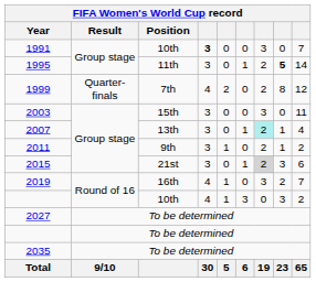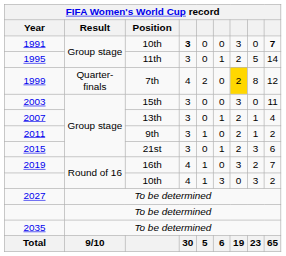 <table class="wikitable" style="text-align: center;">
 <tr>
 <th colspan=9><a href='#'>FIFA Women's World Cup</a> record</th>
 </tr>
 <tr>
 <th width="90">Year</th>
 <th width="90">Result</th>
 <th width="80">Position</th>
 <th width="20"></th>
 <th width="20"></th>
 <th width="20"></th>
 <th width="20"></th>
 <th width="20"></th>
 <th width="20"></th>
 </tr>
 <tr>
 <td> <a href='#'>1991</a></td>
 <td rowspan=2>Group stage</td>
 <td>10th</td>
 <td><strong>3</strong></td>
 <td>0</td>
 <td>0</td>
 <td>3</td>
 <td>0</td>
-<td>7</td>
+<td><strong>7</strong></td>
 </tr>
 <tr>
 <td> <a href='#'>1995</a></td>
 <td>11th</td>
 <td>3</td>
 <td>0</td>
 <td>1</td>
 <td>2</td>
-<td><strong>5</strong></td>
+<td>5</td>
 <td>14</td>
 </tr>
 <tr>
 <td> <a href='#'>1999</a></td>
 <td>Quarter-finals</td>
 <td>7th</td>
 <td>4</td>
 <td>2</td>
 <td>0</td>
-<td>2</td>
+<td style="background: gold;">2</td>
 <td>8</td>
 <td>12</td>
 </tr>
 <tr>
 <td> <a href='#'>2003</a></td>
 <td rowspan=4>Group stage</td>
 <td>15th</td>
 <td>3</td>
 <td>0</td>
 <td>0</td>
 <td>3</td>
 <td>0</td>
 <td>11</td>
 </tr>
 <tr>
 <td> <a href='#'>2007</a></td>
 <td>13th</td>
 <td>3</td>
 <td>0</td>
 <td>1</td>
-<td style="background: paleturquoise;">2</td>
+<td>2</td>
 <td>1</td>
 <td>4</td>
 </tr>
 <tr>
 <td> <a href='#'>2011</a></td>
 <td>9th</td>
 <td>3</td>
 <td>1</td>
 <td>0</td>
 <td>2</td>
 <td>1</td>
 <td>2</td>
 </tr>
 <tr>
 <td> <a href='#'>2015</a></td>
 <td>21st</td>
 <td>3</td>
 <td>0</td>
 <td>1</td>
-<td style="background: lightgrey;">2</td>
+<td>2</td>
 <td>3</td>
 <td>6</td>
 </tr>
 <tr>
 <td> <a href='#'>2019</a></td>
 <td rowspan=2>Round of 16</td>
 <td>16th</td>
 <td>4</td>
 <td>1</td>
 <td>0</td>
 <td>3</td>
 <td>2</td>
 <td>7</td>
 </tr>
 <tr>
 <td></td>
 <td>10th</td>
 <td>4</td>
 <td>1</td>
 <td>3</td>
 <td>0</td>
 <td>3</td>
 <td>2</td>
 </tr>
 <tr>
 <td> <a href='#'>2027</a></td>
 <td colspan=8><em>To be determined</em></td>
 </tr>
 <tr>
 <td></td>
 <td colspan=8><em>To be determined</em></td>
 </tr>
 <tr>
 <td> <a href='#'>2035</a></td>
 <td colspan=8><em>To be determined</em></td>
 </tr>
 <tr>
 <th><strong>Total</strong></th>
 <th>9/10</th>
 <th></th>
 <th>30</th>
 <th>5</th>
 <th>6</th>
 <th>19</th>
 <th>23</th>
 <th>65</th>
 </tr>
 </table>
